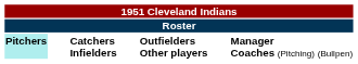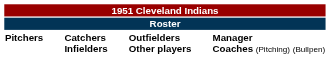 <table class="toccolours" style="font-size: 95%;">
 <tr>
 <th colspan="10" style="background-color: #990000; color: white; text-align: center;">1951 Cleveland Indians</th>
 </tr>
 <tr>
 <td colspan="10" style="background-color: #023456; color: white; text-align: center;"><strong>Roster</strong></td>
 </tr>
 <tr>
-<td valign="top" style="background: paleturquoise;"><strong>Pitchers</strong><br>            </td>
+<td valign="top"><strong>Pitchers</strong><br>            </td>
 <td width="25px"></td>
 <td valign="top"><strong>Catchers</strong><br>    <strong>Infielders</strong>       </td>
 <td width="25px"></td>
 <td valign="top"><strong>Outfielders</strong><br>         <strong>Other players</strong>    </td>
 <td width="25px"></td>
 <td valign="top"><strong>Manager</strong><br> <strong>Coaches</strong>  <small>(Pitching)</small>   <small>(Bullpen)</small></td>
 </tr>
 </table>
